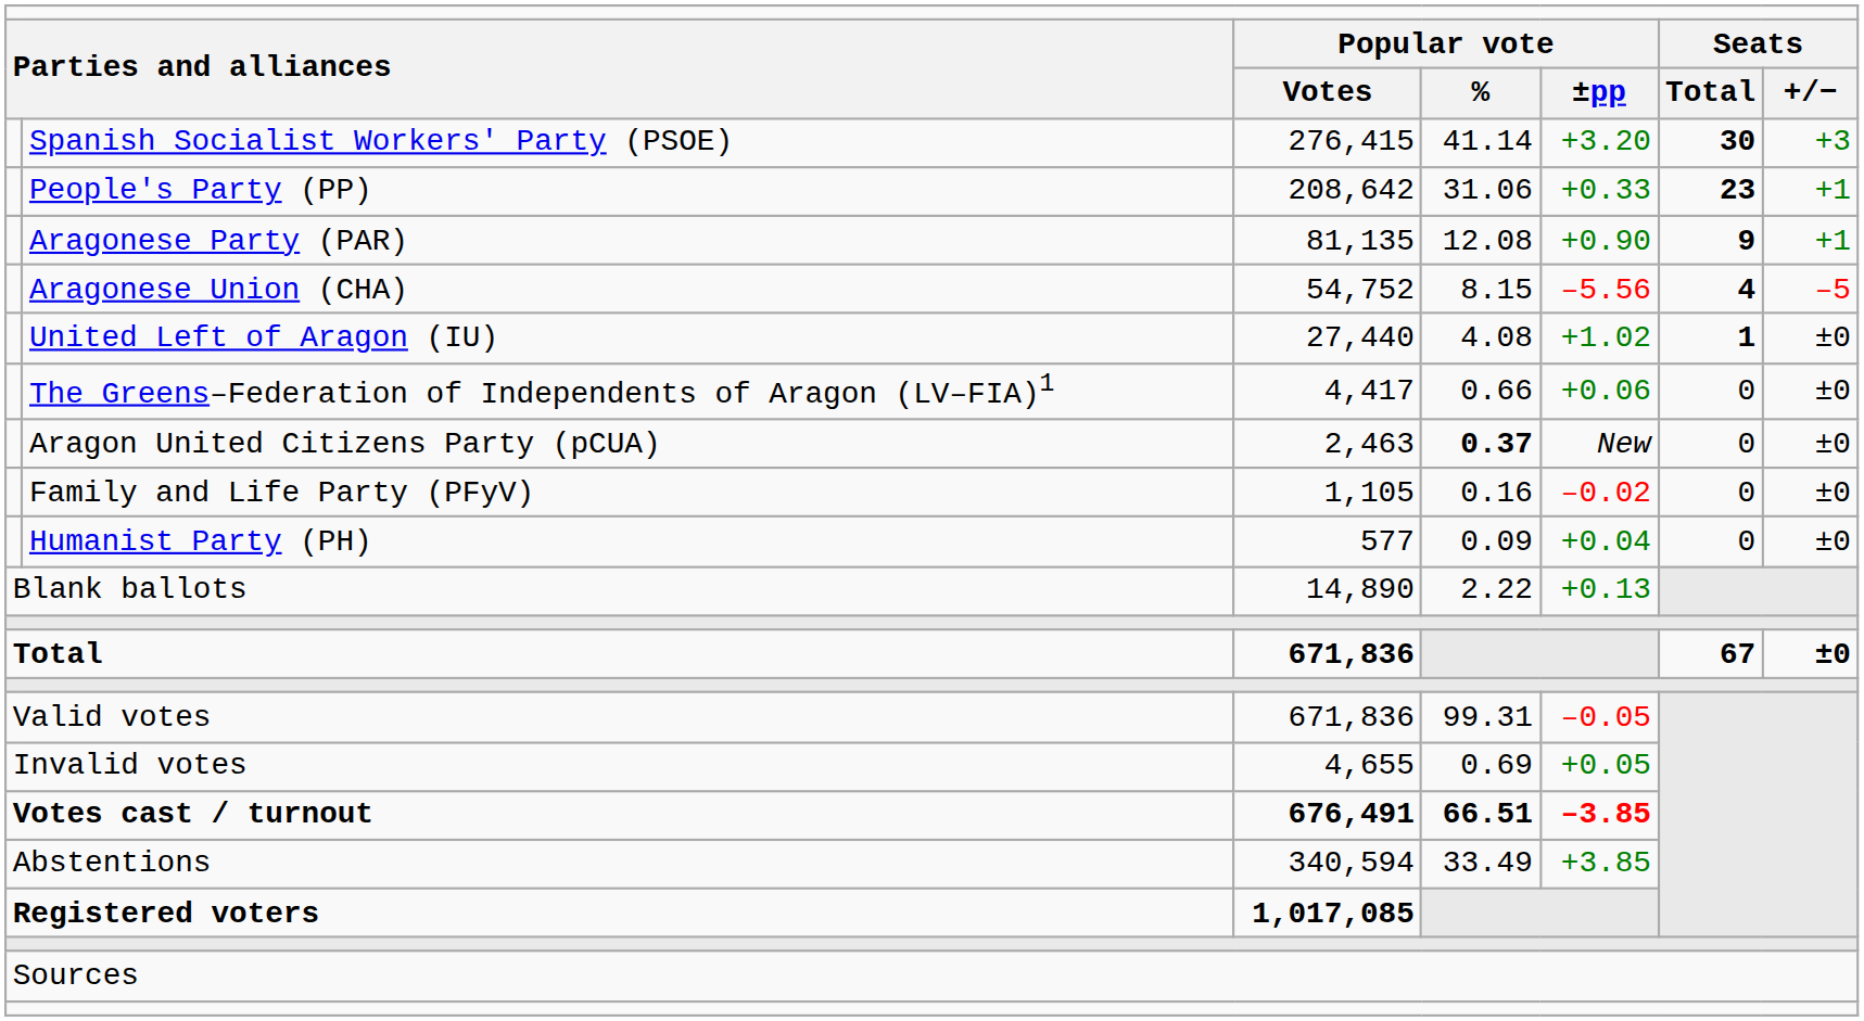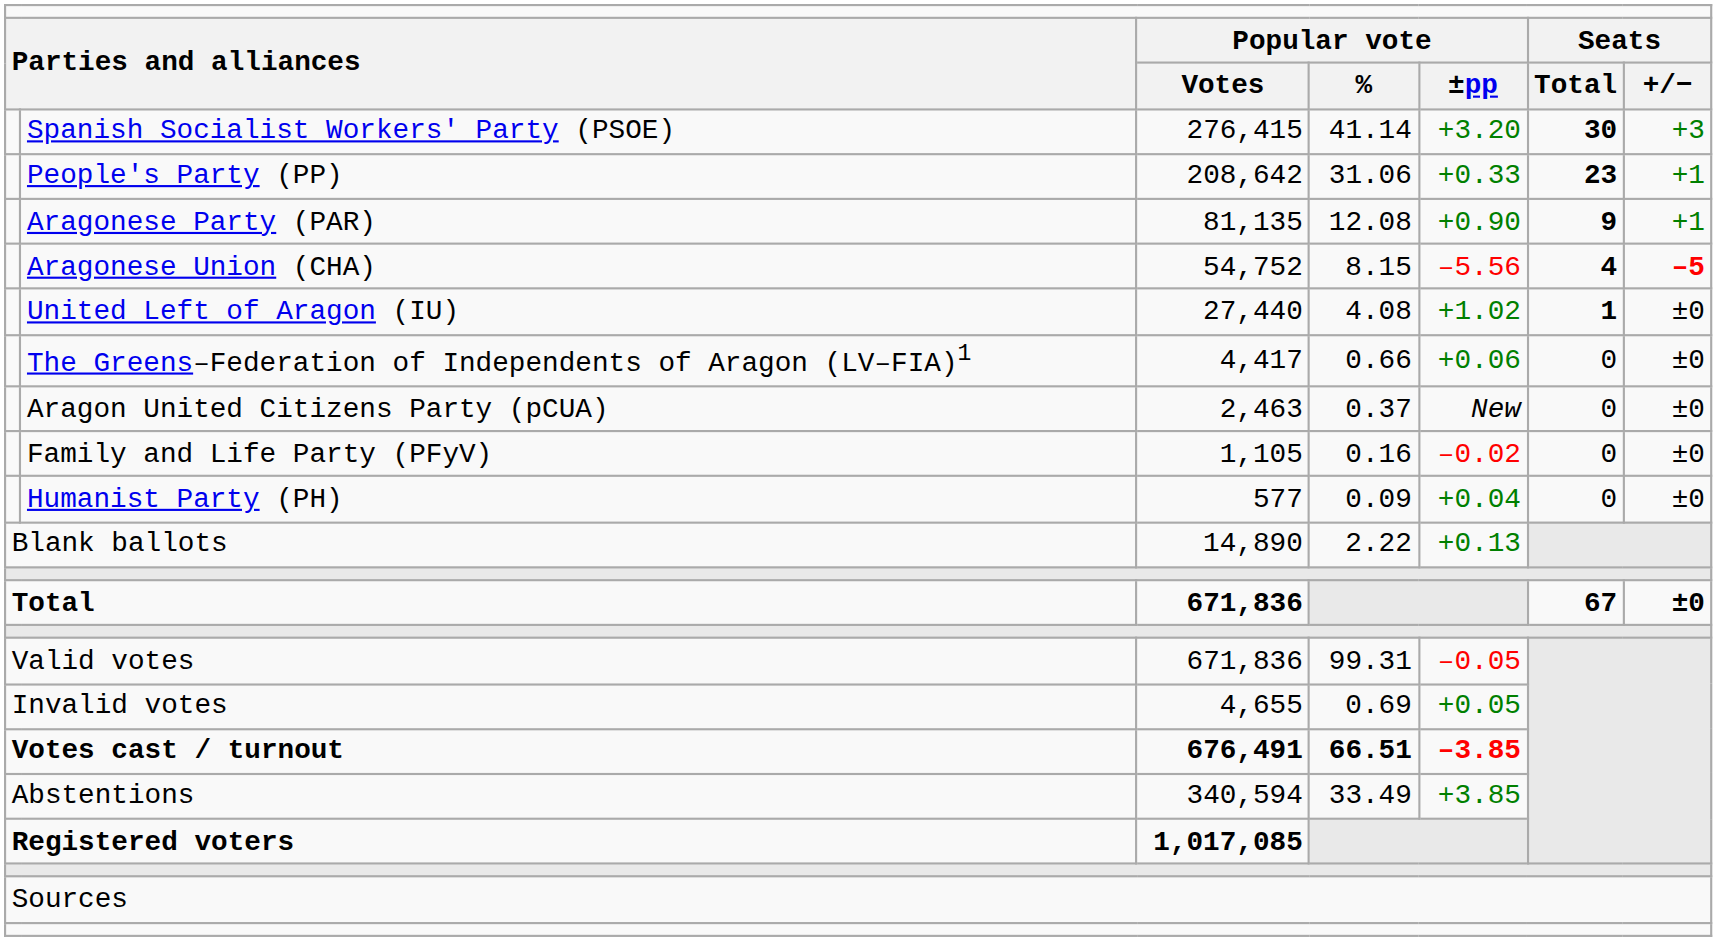 <table class="wikitable" style="text-align:right;">
 <tr>
 <td colspan="7"></td>
 </tr>
 <tr>
 <th style="text-align:left;" rowspan="2" colspan="2" width="525">Parties and alliances</th>
 <th colspan="3">Popular vote</th>
 <th colspan="2">Seats</th>
 </tr>
 <tr>
 <th width="75">Votes</th>
 <th width="45">%</th>
 <th width="45">±<a href='#'>pp</a></th>
 <th width="35">Total</th>
 <th width="35">+/−</th>
 </tr>
 <tr>
 <td width="1" style="color:inherit;background:"></td>
 <td align="left"><a href='#'>Spanish Socialist Workers' Party</a> (PSOE)</td>
 <td>276,415</td>
 <td>41.14</td>
 <td style="color:green;">+3.20</td>
 <td><strong>30</strong></td>
 <td style="color:green;">+3</td>
 </tr>
 <tr>
 <td style="color:inherit;background:"></td>
 <td align="left"><a href='#'>People's Party</a> (PP)</td>
 <td>208,642</td>
 <td>31.06</td>
 <td style="color:green;">+0.33</td>
 <td><strong>23</strong></td>
 <td style="color:green;">+1</td>
 </tr>
 <tr>
 <td style="color:inherit;background:"></td>
 <td align="left"><a href='#'>Aragonese Party</a> (PAR)</td>
 <td>81,135</td>
 <td>12.08</td>
 <td style="color:green;">+0.90</td>
 <td><strong>9</strong></td>
 <td style="color:green;">+1</td>
 </tr>
 <tr>
 <td style="color:inherit;background:"></td>
 <td align="left"><a href='#'>Aragonese Union</a> (CHA)</td>
 <td>54,752</td>
 <td>8.15</td>
 <td style="color:red;">–5.56</td>
 <td><strong>4</strong></td>
-<td style="color:red;">–5</td>
+<td style="color:red;"><strong>–5</strong></td>
 </tr>
 <tr>
 <td style="color:inherit;background:"></td>
 <td align="left"><a href='#'>United Left of Aragon</a> (IU)</td>
 <td>27,440</td>
 <td>4.08</td>
 <td style="color:green;">+1.02</td>
 <td><strong>1</strong></td>
 <td>±0</td>
 </tr>
 <tr>
 <td style="color:inherit;background:"></td>
 <td align="left"><a href='#'>The Greens</a>–Federation of Independents of Aragon (LV–FIA)<sup>1</sup></td>
 <td>4,417</td>
 <td>0.66</td>
 <td style="color:green;">+0.06</td>
 <td>0</td>
 <td>±0</td>
 </tr>
 <tr>
 <td style="color:inherit;background:"></td>
 <td align="left">Aragon United Citizens Party (pCUA)</td>
 <td>2,463</td>
-<td><strong>0.37</strong></td>
+<td>0.37</td>
 <td><em>New</em></td>
 <td>0</td>
 <td>±0</td>
 </tr>
 <tr>
 <td style="color:inherit;background:"></td>
 <td align="left">Family and Life Party (PFyV)</td>
 <td>1,105</td>
 <td>0.16</td>
 <td style="color:red;">–0.02</td>
 <td>0</td>
 <td>±0</td>
 </tr>
 <tr>
 <td style="color:inherit;background:"></td>
 <td align="left"><a href='#'>Humanist Party</a> (PH)</td>
 <td>577</td>
 <td>0.09</td>
 <td style="color:green;">+0.04</td>
 <td>0</td>
 <td>±0</td>
 </tr>
 <tr>
 <td align="left" colspan="2">Blank ballots</td>
 <td>14,890</td>
 <td>2.22</td>
 <td style="color:green;">+0.13</td>
 <td bgcolor="#E9E9E9" colspan="2"></td>
 </tr>
 <tr>
 <td colspan="7" bgcolor="#E9E9E9"></td>
 </tr>
 <tr style="font-weight:bold;">
 <td align="left" colspan="2">Total</td>
 <td>671,836</td>
 <td bgcolor="#E9E9E9" colspan="2"></td>
 <td>67</td>
 <td>±0</td>
 </tr>
 <tr>
 <td colspan="7" bgcolor="#E9E9E9"></td>
 </tr>
 <tr>
 <td align="left" colspan="2">Valid votes</td>
 <td>671,836</td>
 <td>99.31</td>
 <td style="color:red;">–0.05</td>
 <td bgcolor="#E9E9E9" colspan="2" rowspan="5"></td>
 </tr>
 <tr>
 <td align="left" colspan="2">Invalid votes</td>
 <td>4,655</td>
 <td>0.69</td>
 <td style="color:green;">+0.05</td>
 </tr>
 <tr style="font-weight:bold;">
 <td align="left" colspan="2">Votes cast / turnout</td>
 <td>676,491</td>
 <td>66.51</td>
 <td style="color:red;">–3.85</td>
 </tr>
 <tr>
 <td align="left" colspan="2">Abstentions</td>
 <td>340,594</td>
 <td>33.49</td>
 <td style="color:green;">+3.85</td>
 </tr>
 <tr style="font-weight:bold;">
 <td align="left" colspan="2">Registered voters</td>
 <td>1,017,085</td>
 <td bgcolor="#E9E9E9" colspan="2"></td>
 </tr>
 <tr>
 <td colspan="7" bgcolor="#E9E9E9"></td>
 </tr>
 <tr>
 <td align="left" colspan="7">Sources</td>
 </tr>
 <tr>
 <td colspan="7" style="text-align:left; max-width:790px;"></td>
 </tr>
 </table>
